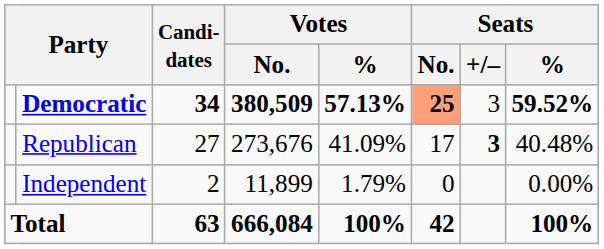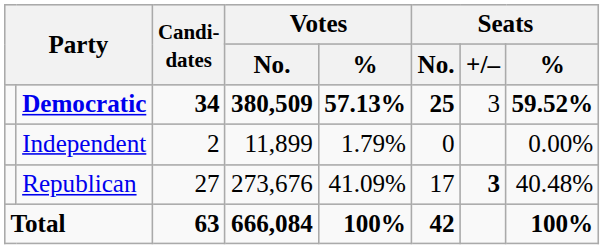 <table class="wikitable" style="font-size:100%; text-align:right;">
 <tr>
 <th colspan=2 rowspan=2>Party</th>
 <th rowspan=2><small>Candi-<br>dates</small></th>
 <th colspan=2>Votes</th>
 <th colspan=3>Seats</th>
 </tr>
 <tr>
 <th>No.</th>
 <th>%</th>
 <th>No.</th>
 <th>+/–</th>
 <th>%</th>
 </tr>
 <tr>
 <td style="background:"></td>
 <td align=left><strong><a href='#'>Democratic</a></strong></td>
 <td><strong>34</strong></td>
 <td><strong>380,509</strong></td>
 <td><strong>57.13%</strong></td>
-<td style="background: lightsalmon;"><strong>25</strong></td>
+<td><strong>25</strong></td>
 <td>3</td>
 <td><strong>59.52%</strong></td>
+</tr>
+<tr>
+<td style="background:"></td>
+<td align=left><a href='#'>Independent</a></td>
+<td>2</td>
+<td>11,899</td>
+<td>1.79%</td>
+<td>0</td>
+<td></td>
+<td>0.00%</td>
 </tr>
 <tr>
 <td style="background:"></td>
 <td align=left><a href='#'>Republican</a></td>
 <td>27</td>
 <td>273,676</td>
 <td>41.09%</td>
 <td>17</td>
 <td><strong>3</strong></td>
 <td>40.48%</td>
 </tr>
-<tr>
-<td style="background:"></td>
-<td align=left><a href='#'>Independent</a></td>
-<td>2</td>
-<td>11,899</td>
-<td>1.79%</td>
-<td>0</td>
-<td></td>
-<td>0.00%</td>
-</tr>
 <tr style="font-weight:bold">
 <td colspan=2 align=left>Total</td>
 <td>63</td>
 <td>666,084</td>
 <td>100%</td>
 <td>42</td>
 <td></td>
 <td>100%</td>
 </tr>
 </table>
